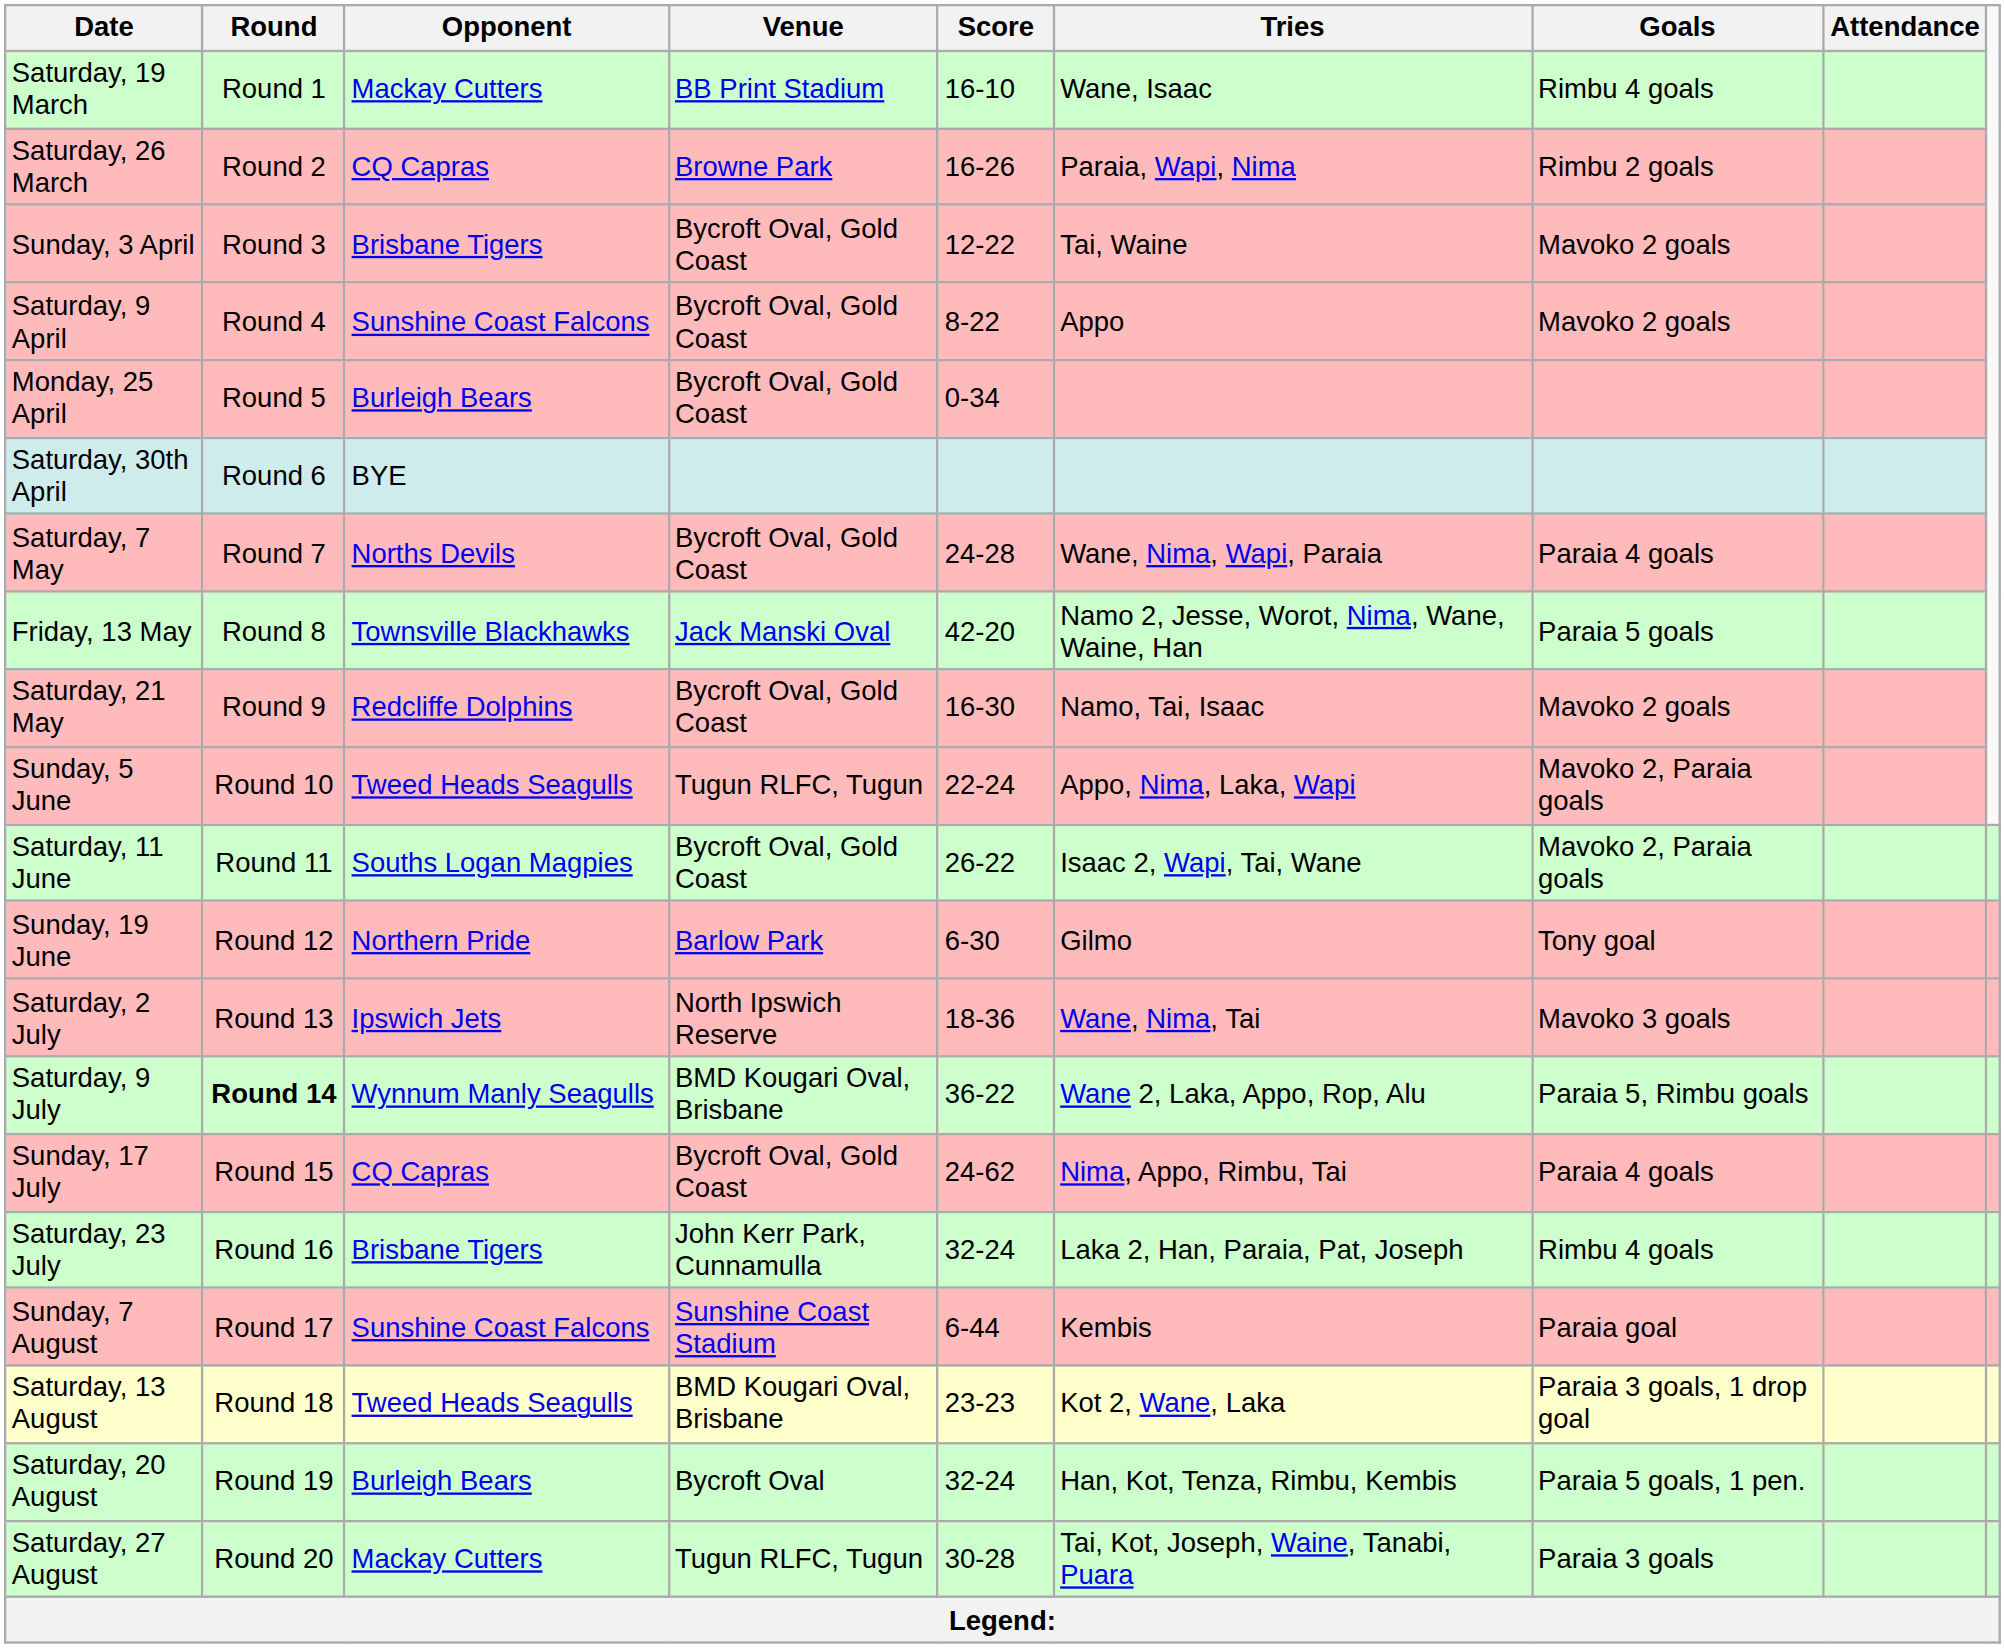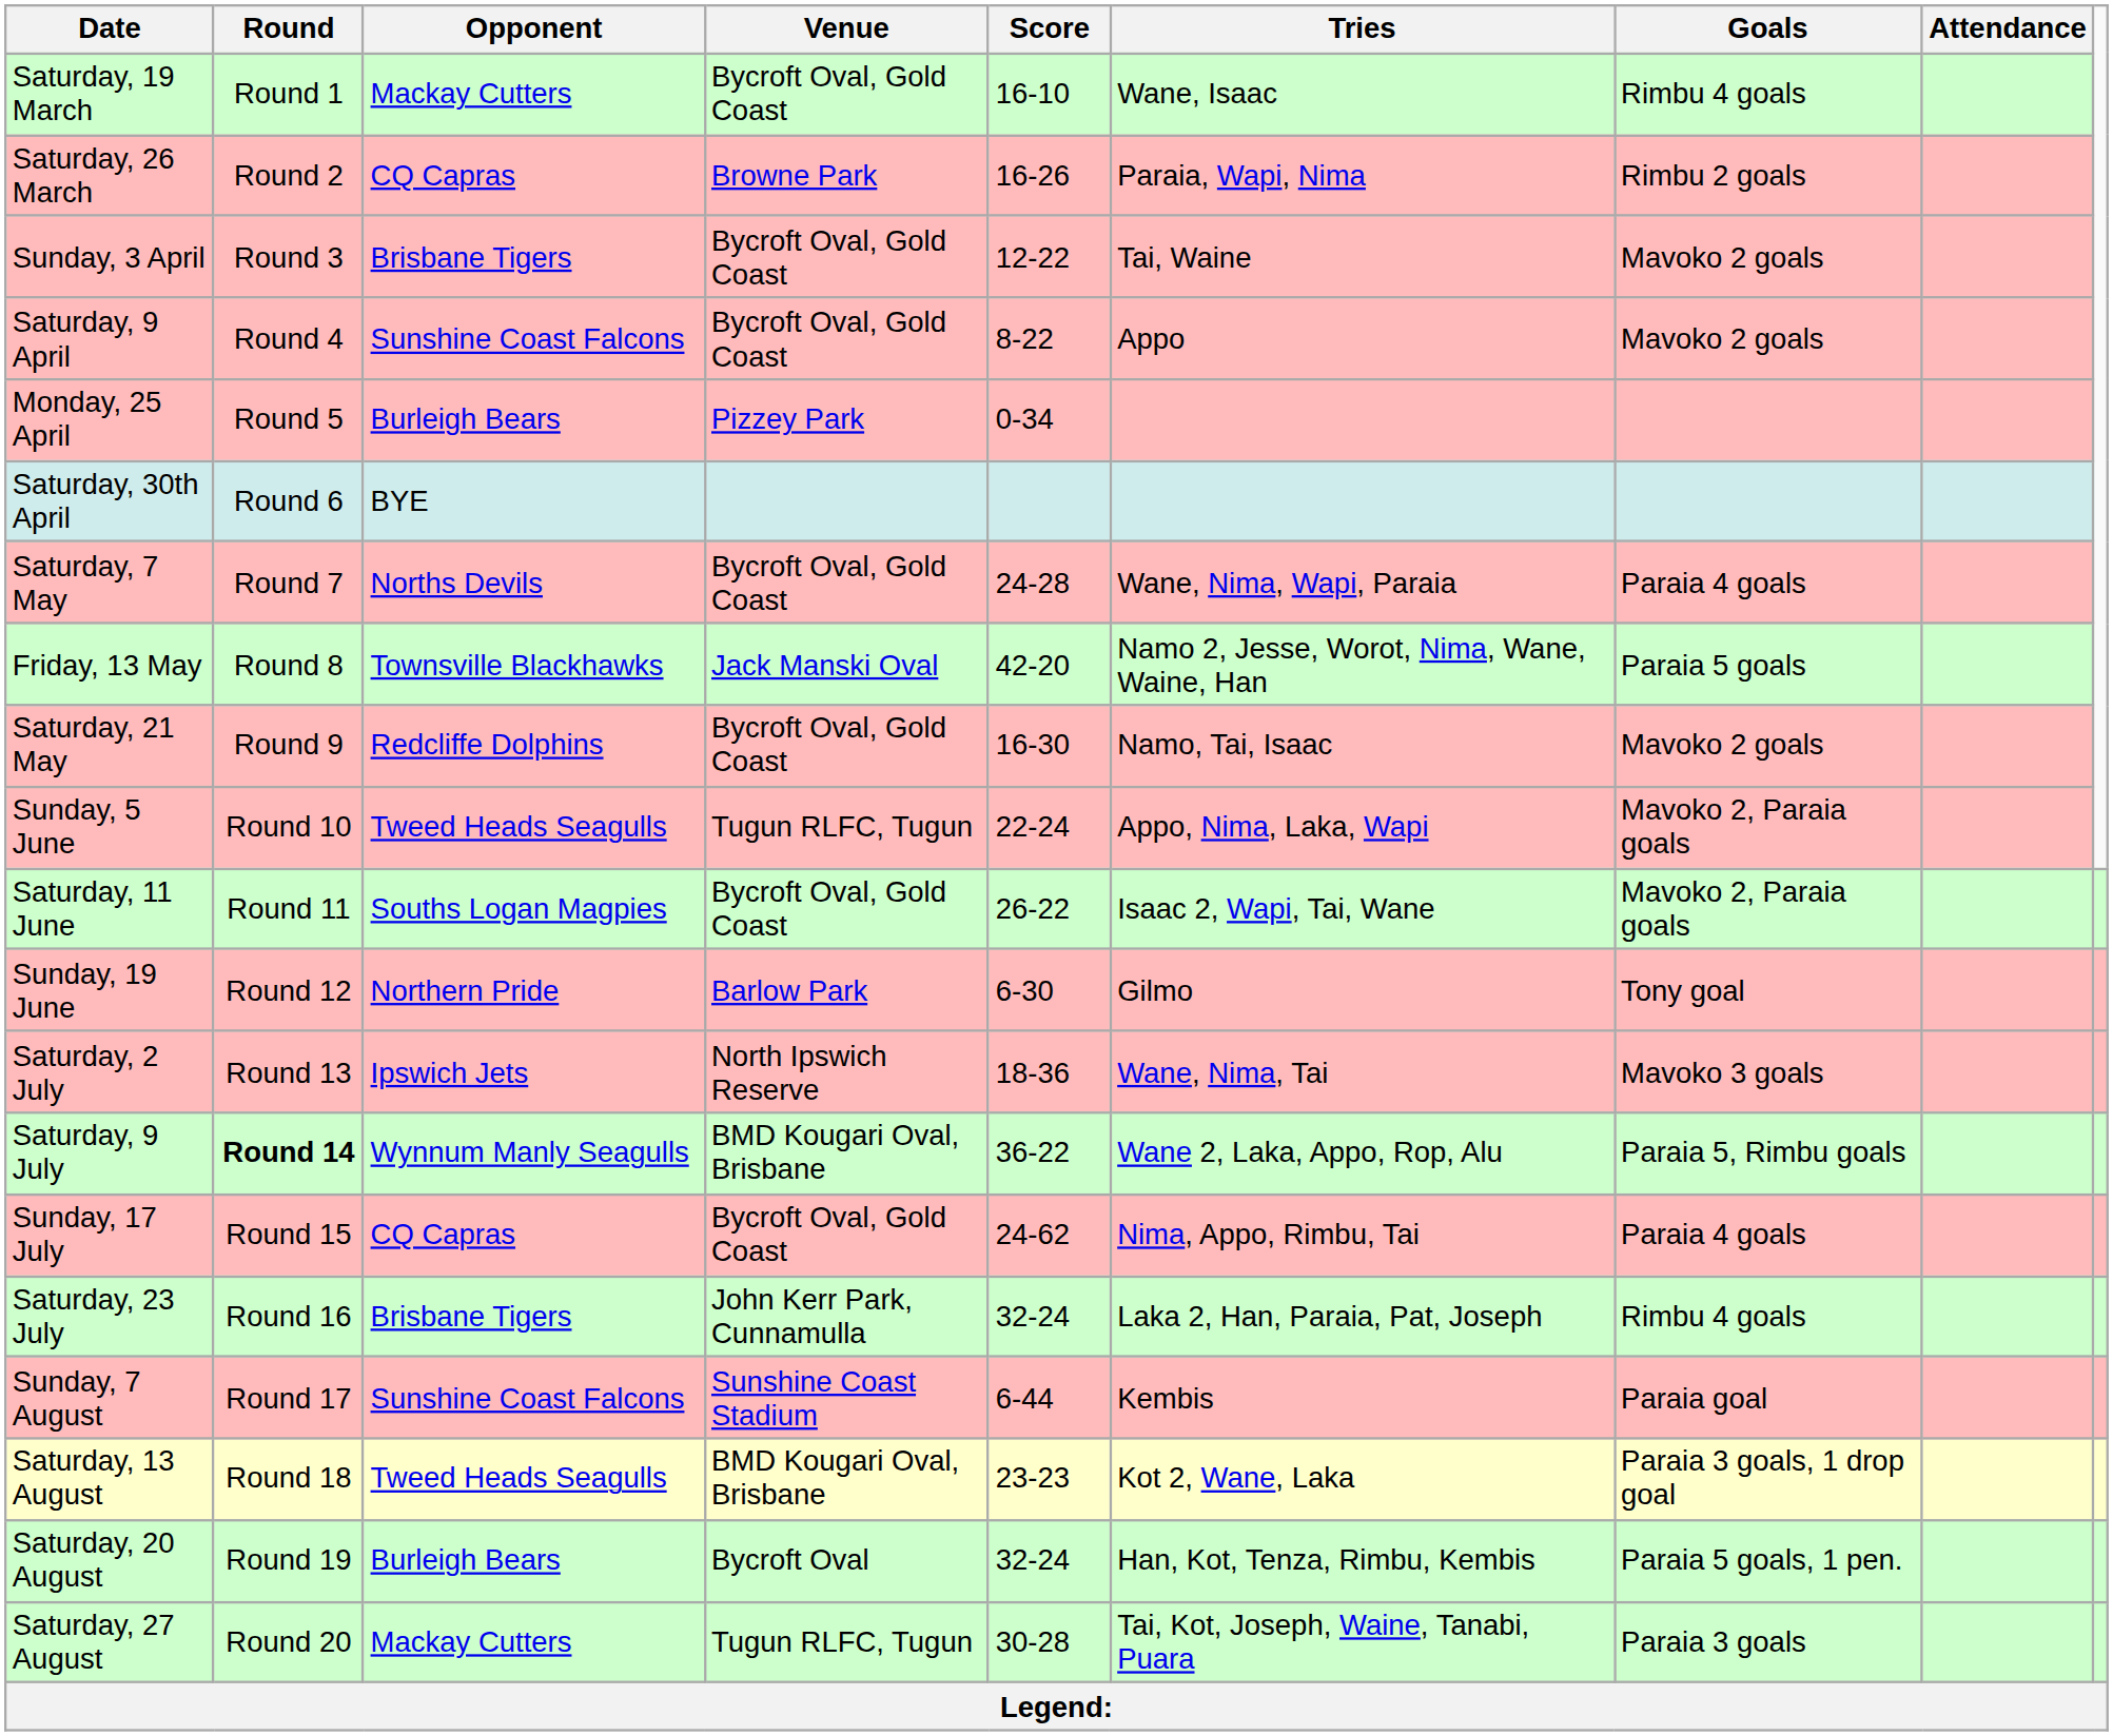 <table class="wikitable" style="font-size:75%;">
 <tr>
 <th style="width:95px;">Date</th>
 <th style="width:65px;">Round</th>
 <th style="width:170px;">Opponent</th>
 <th style="width:135px;">Venue</th>
 <th style="width:50px;">Score</th>
 <th style="width:280px;">Tries</th>
 <th style="width:160px;">Goals</th>
 <th style="width:60px;">Attendance</th>
 </tr>
 <tr style="background:#CCFFCC">
 <td>Saturday, 19 March</td>
 <td style="text-align:center;">Round 1</td>
 <td> <a href='#'>Mackay Cutters</a></td>
-<td><a href='#'>BB Print Stadium</a></td>
+<td>Bycroft Oval, Gold Coast</td>
 <td>16-10</td>
 <td>Wane, Isaac</td>
 <td>Rimbu 4 goals</td>
 <td style="text-align:center;"></td>
 </tr>
 <tr style="background:#FFBBBB">
 <td>Saturday, 26 March</td>
 <td style="text-align:center;">Round 2</td>
 <td> <a href='#'>CQ Capras</a></td>
 <td><a href='#'>Browne Park</a></td>
 <td>16-26</td>
 <td>Paraia, <a href='#'>Wapi</a>, <a href='#'>Nima</a></td>
 <td>Rimbu 2 goals</td>
 <td style="text-align:center;"></td>
 </tr>
 <tr style="background:#FFBBBB">
 <td>Sunday, 3 April</td>
 <td style="text-align:center;">Round 3</td>
 <td> <a href='#'>Brisbane Tigers</a></td>
 <td>Bycroft Oval, Gold Coast</td>
 <td>12-22</td>
 <td>Tai, Waine</td>
 <td>Mavoko 2 goals</td>
 <td style="text-align:center;"></td>
 </tr>
 <tr style="background:#FFBBBB">
 <td>Saturday, 9 April</td>
 <td style="text-align:center;">Round 4</td>
 <td> <a href='#'>Sunshine Coast Falcons</a></td>
 <td>Bycroft Oval, Gold Coast</td>
 <td>8-22</td>
 <td>Appo</td>
 <td>Mavoko 2 goals</td>
 <td style="text-align:center;"></td>
 </tr>
 <tr style="background:#FFBBBB">
 <td>Monday, 25 April</td>
 <td style="text-align:center;">Round 5</td>
 <td> <a href='#'>Burleigh Bears</a></td>
-<td>Bycroft Oval, Gold Coast</td>
+<td><a href='#'>Pizzey Park</a></td>
 <td>0-34</td>
 <td></td>
 <td></td>
 <td style="text-align:center;"></td>
 </tr>
 <tr style="background:#cfecec">
 <td>Saturday, 30th April</td>
 <td style="text-align:center;">Round 6</td>
 <td>BYE</td>
 <td></td>
 <td></td>
 <td></td>
 <td></td>
 <td style="text-align:center;"></td>
 </tr>
 <tr style="background:#FFBBBB">
 <td>Saturday, 7 May</td>
 <td style="text-align:center;">Round 7</td>
 <td> <a href='#'>Norths Devils</a></td>
 <td>Bycroft Oval, Gold Coast</td>
 <td>24-28</td>
 <td>Wane, <a href='#'>Nima</a>, <a href='#'>Wapi</a>, Paraia</td>
 <td>Paraia 4 goals</td>
 <td style="text-align:center;"></td>
 </tr>
 <tr style="background:#CCFFCC">
 <td>Friday, 13 May</td>
 <td style="text-align:center;">Round 8</td>
 <td> <a href='#'>Townsville Blackhawks</a></td>
 <td><a href='#'>Jack Manski Oval</a></td>
 <td>42-20</td>
 <td>Namo 2, Jesse, Worot, <a href='#'>Nima</a>, Wane, Waine, Han</td>
 <td>Paraia 5 goals</td>
 <td style="text-align:center;"></td>
 </tr>
 <tr style="background:#FFBBBB">
 <td>Saturday, 21 May</td>
 <td style="text-align:center;">Round 9</td>
 <td> <a href='#'>Redcliffe Dolphins</a></td>
 <td>Bycroft Oval, Gold Coast</td>
 <td>16-30</td>
 <td>Namo, Tai, Isaac</td>
 <td>Mavoko 2 goals</td>
 <td style="text-align:center;"></td>
 </tr>
 <tr style="background:#FFBBBB">
 <td>Sunday, 5 June</td>
 <td style="text-align:center;">Round 10</td>
 <td> <a href='#'>Tweed Heads Seagulls</a></td>
 <td>Tugun RLFC, Tugun</td>
 <td>22-24</td>
 <td>Appo, <a href='#'>Nima</a>, Laka, <a href='#'>Wapi</a></td>
 <td>Mavoko 2, Paraia goals</td>
 <td style="text-align:center;"></td>
 </tr>
 <tr style="background:#CCFFCC">
 <td>Saturday, 11 June</td>
 <td style="text-align:center;">Round 11</td>
 <td> <a href='#'>Souths Logan Magpies</a></td>
 <td>Bycroft Oval, Gold Coast</td>
 <td>26-22</td>
 <td>Isaac 2, <a href='#'>Wapi</a>, Tai, Wane</td>
 <td>Mavoko 2, Paraia goals</td>
 <td></td>
 <td style="text-align:center;"></td>
 </tr>
 <tr style="background:#FFBBBB">
 <td>Sunday, 19 June</td>
 <td style="text-align:center;">Round 12</td>
 <td> <a href='#'>Northern Pride</a></td>
 <td><a href='#'>Barlow Park</a></td>
 <td>6-30</td>
 <td>Gilmo</td>
 <td>Tony goal</td>
 <td></td>
 <td style="text-align:center;"></td>
 </tr>
 <tr style="background:#FFBBBB">
 <td>Saturday, 2 July</td>
 <td style="text-align:center;">Round 13</td>
 <td> <a href='#'>Ipswich Jets</a></td>
 <td>North Ipswich Reserve</td>
 <td>18-36</td>
 <td><a href='#'>Wane</a>, <a href='#'>Nima</a>, Tai</td>
 <td>Mavoko 3 goals</td>
 <td></td>
 <td style="text-align:center;"></td>
 </tr>
 <tr style="background:#CCFFCC">
 <td>Saturday, 9 July</td>
 <td style="text-align:center;"><strong>Round 14</strong></td>
 <td> <a href='#'>Wynnum Manly Seagulls</a></td>
 <td>BMD Kougari Oval, Brisbane</td>
 <td>36-22</td>
 <td><a href='#'>Wane</a> 2, Laka, Appo, Rop, Alu</td>
 <td>Paraia 5, Rimbu goals</td>
 <td></td>
 <td style="text-align:center;"></td>
 </tr>
 <tr style="background:#FFBBBB">
 <td>Sunday, 17 July</td>
 <td style="text-align:center;">Round 15</td>
 <td> <a href='#'>CQ Capras</a></td>
 <td>Bycroft Oval, Gold Coast</td>
 <td>24-62</td>
 <td><a href='#'>Nima</a>, Appo, Rimbu, Tai</td>
 <td>Paraia 4 goals</td>
 <td></td>
 <td style="text-align:center;"></td>
 </tr>
 <tr style="background:#CCFFCC">
 <td>Saturday, 23 July</td>
 <td style="text-align:center;">Round 16</td>
 <td> <a href='#'>Brisbane Tigers</a></td>
 <td>John Kerr Park, Cunnamulla</td>
 <td>32-24</td>
 <td>Laka 2, Han, Paraia, Pat, Joseph</td>
 <td>Rimbu 4 goals</td>
 <td></td>
 <td style="text-align:center;"></td>
 </tr>
 <tr style="background:#FFBBBB">
 <td>Sunday, 7 August</td>
 <td style="text-align:center;">Round 17</td>
 <td> <a href='#'>Sunshine Coast Falcons</a></td>
 <td><a href='#'>Sunshine Coast Stadium</a></td>
 <td>6-44</td>
 <td>Kembis</td>
 <td>Paraia goal</td>
 <td></td>
 <td style="text-align:center;"></td>
 </tr>
 <tr style="background:#FFFFCC">
 <td>Saturday, 13 August</td>
 <td style="text-align:center;">Round 18</td>
 <td> <a href='#'>Tweed Heads Seagulls</a></td>
 <td>BMD Kougari Oval, Brisbane</td>
 <td>23-23</td>
 <td>Kot 2, <a href='#'>Wane</a>, Laka</td>
 <td>Paraia 3 goals, 1 drop goal</td>
 <td></td>
 <td style="text-align:center;"></td>
 </tr>
 <tr style="background:#CCFFCC">
 <td>Saturday, 20 August</td>
 <td style="text-align:center;">Round 19</td>
 <td> <a href='#'>Burleigh Bears</a></td>
 <td>Bycroft Oval</td>
 <td>32-24</td>
 <td>Han, Kot, Tenza, Rimbu, Kembis</td>
 <td>Paraia 5 goals, 1 pen.</td>
 <td></td>
 <td style="text-align:center;"></td>
 </tr>
 <tr style="background:#CCFFCC">
 <td>Saturday, 27 August</td>
 <td style="text-align:center;">Round 20</td>
 <td> <a href='#'>Mackay Cutters</a></td>
 <td>Tugun RLFC, Tugun</td>
 <td>30-28</td>
 <td>Tai, Kot, Joseph, <a href='#'>Waine</a>, Tanabi, <a href='#'>Puara</a></td>
 <td>Paraia 3 goals</td>
 <td></td>
 <td style="text-align:center;"></td>
 </tr>
 <tr>
 <th colspan="11"><strong>Legend</strong>:    </th>
 </tr>
 </table>
